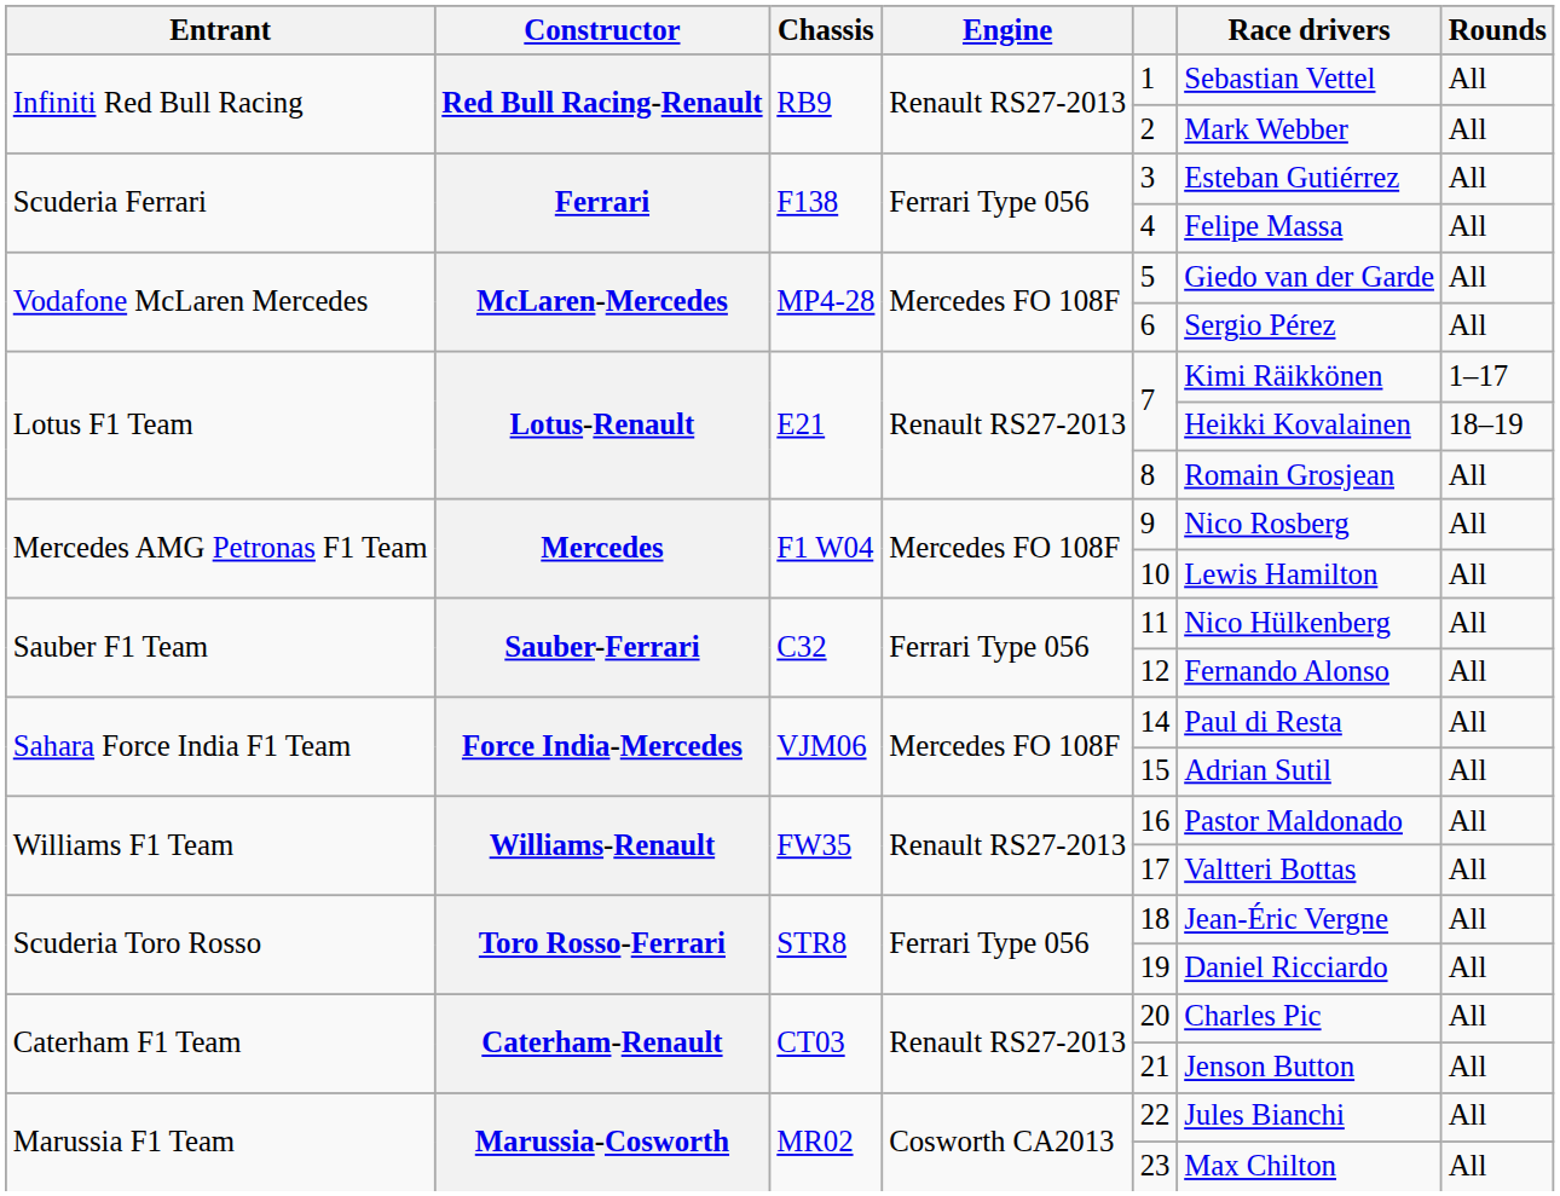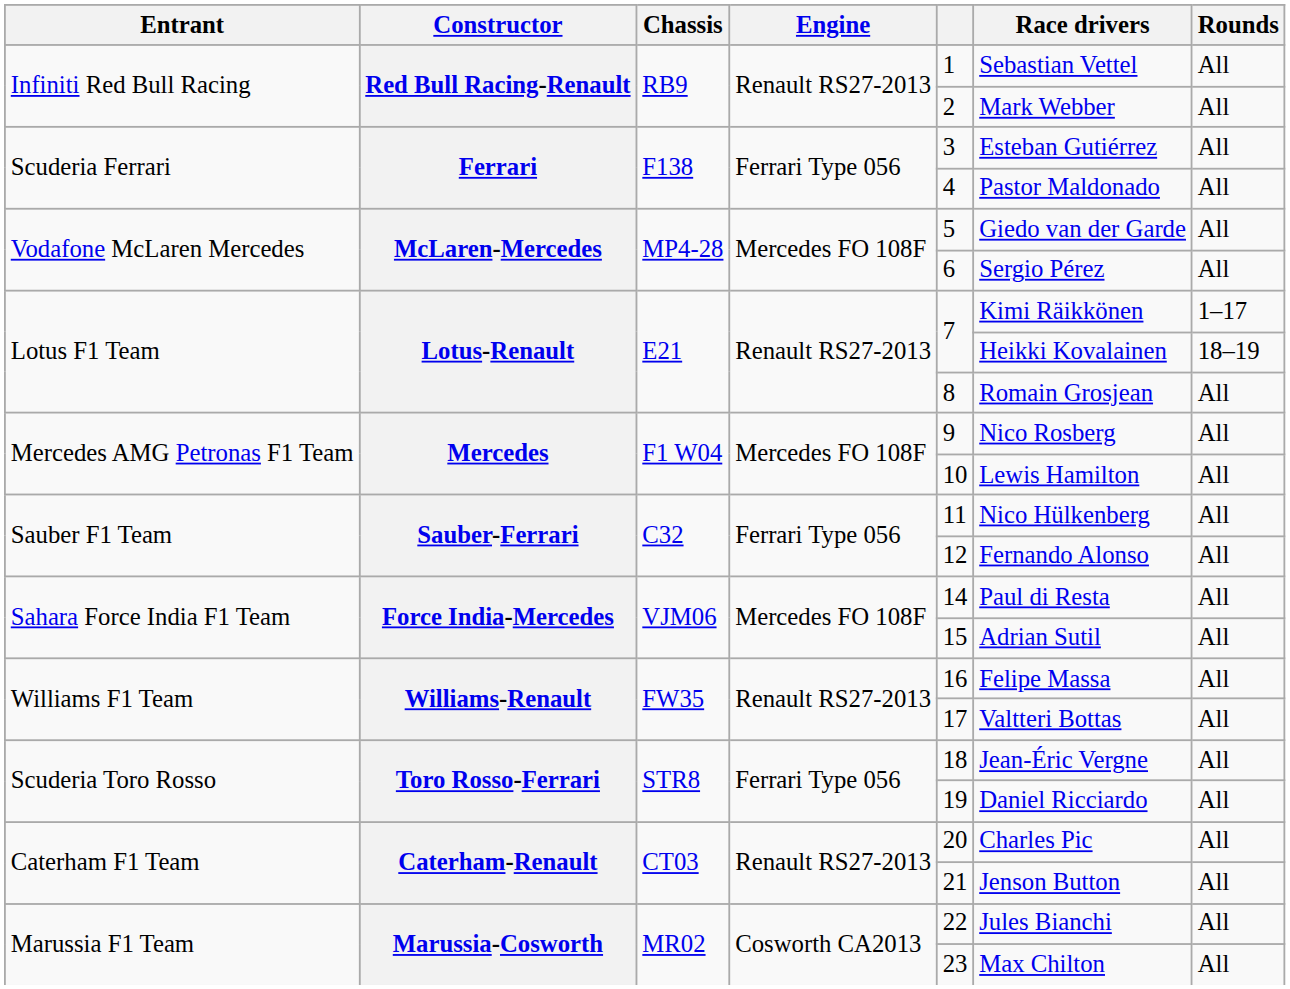 <table class="wikitable sortable" style="font-size:85%">
 <tr>
 <th>Entrant</th>
 <th><a href='#'>Constructor</a></th>
 <th>Chassis</th>
 <th><a href='#'>Engine</a></th>
 <th></th>
 <th>Race drivers</th>
 <th>Rounds</th>
 </tr>
 <tr>
 <td rowspan=2> <a href='#'>Infiniti</a> Red Bull Racing</td>
 <th rowspan=2><a href='#'>Red Bull Racing</a>-<a href='#'>Renault</a></th>
 <td rowspan=2><a href='#'>RB9</a></td>
 <td rowspan=2>Renault RS27-2013</td>
 <td>1</td>
 <td> <a href='#'>Sebastian Vettel</a></td>
 <td>All</td>
 </tr>
 <tr>
 <td>2</td>
 <td> <a href='#'>Mark Webber</a></td>
 <td>All</td>
 </tr>
 <tr>
 <td rowspan=2> Scuderia Ferrari</td>
 <th rowspan=2><a href='#'>Ferrari</a></th>
 <td rowspan=2><a href='#'>F138</a></td>
 <td rowspan=2>Ferrari Type 056</td>
 <td>3</td>
 <td> <a href='#'>Esteban Gutiérrez</a></td>
 <td>All</td>
 </tr>
 <tr>
 <td>4</td>
-<td> <a href='#'>Felipe Massa</a></td>
+<td> <a href='#'>Pastor Maldonado</a></td>
 <td>All</td>
 </tr>
 <tr>
 <td rowspan=2> <a href='#'>Vodafone</a> McLaren Mercedes</td>
 <th rowspan=2><a href='#'>McLaren</a>-<a href='#'>Mercedes</a></th>
 <td rowspan=2><a href='#'>MP4-28</a></td>
 <td rowspan=2>Mercedes FO 108F</td>
 <td>5</td>
 <td> <a href='#'>Giedo van der Garde</a></td>
 <td>All</td>
 </tr>
 <tr>
 <td>6</td>
 <td> <a href='#'>Sergio Pérez</a></td>
 <td>All</td>
 </tr>
 <tr>
 <td rowspan=3> Lotus F1 Team</td>
 <th rowspan=3><a href='#'>Lotus</a>-<a href='#'>Renault</a></th>
 <td rowspan=3><a href='#'>E21</a></td>
 <td rowspan=3>Renault RS27-2013</td>
 <td rowspan=2>7</td>
 <td> <a href='#'>Kimi Räikkönen</a></td>
 <td>1–17</td>
 </tr>
 <tr>
 <td> <a href='#'>Heikki Kovalainen</a></td>
 <td>18–19</td>
 </tr>
 <tr>
 <td>8</td>
 <td> <a href='#'>Romain Grosjean</a></td>
 <td>All</td>
 </tr>
 <tr>
 <td rowspan=2> Mercedes AMG <a href='#'>Petronas</a> F1 Team</td>
 <th rowspan=2><a href='#'>Mercedes</a></th>
 <td rowspan=2><a href='#'>F1 W04</a></td>
 <td rowspan=2>Mercedes FO 108F</td>
 <td>9</td>
 <td> <a href='#'>Nico Rosberg</a></td>
 <td>All</td>
 </tr>
 <tr>
 <td>10</td>
 <td> <a href='#'>Lewis Hamilton</a></td>
 <td>All</td>
 </tr>
 <tr>
 <td rowspan=2> Sauber F1 Team</td>
 <th rowspan=2><a href='#'>Sauber</a>-<a href='#'>Ferrari</a></th>
 <td rowspan=2><a href='#'>C32</a></td>
 <td rowspan=2>Ferrari Type 056</td>
 <td>11</td>
 <td> <a href='#'>Nico Hülkenberg</a></td>
 <td>All</td>
 </tr>
 <tr>
 <td>12</td>
 <td> <a href='#'>Fernando Alonso</a></td>
 <td>All</td>
 </tr>
 <tr>
 <td rowspan=2> <a href='#'>Sahara</a> Force India F1 Team</td>
 <th rowspan=2><a href='#'>Force India</a>-<a href='#'>Mercedes</a></th>
 <td rowspan=2><a href='#'>VJM06</a></td>
 <td rowspan=2>Mercedes FO 108F</td>
 <td>14</td>
 <td> <a href='#'>Paul di Resta</a></td>
 <td>All</td>
 </tr>
 <tr>
 <td>15</td>
 <td> <a href='#'>Adrian Sutil</a></td>
 <td>All</td>
 </tr>
 <tr>
 <td rowspan=2> Williams F1 Team</td>
 <th rowspan=2><a href='#'>Williams</a>-<a href='#'>Renault</a></th>
 <td rowspan=2><a href='#'>FW35</a></td>
 <td rowspan=2>Renault RS27-2013</td>
 <td>16</td>
-<td> <a href='#'>Pastor Maldonado</a></td>
+<td> <a href='#'>Felipe Massa</a></td>
 <td>All</td>
 </tr>
 <tr>
 <td>17</td>
 <td> <a href='#'>Valtteri Bottas</a></td>
 <td>All</td>
 </tr>
 <tr>
 <td rowspan=2> Scuderia Toro Rosso</td>
 <th rowspan=2><a href='#'>Toro Rosso</a>-<a href='#'>Ferrari</a></th>
 <td rowspan=2><a href='#'>STR8</a></td>
 <td rowspan=2>Ferrari Type 056</td>
 <td>18</td>
 <td> <a href='#'>Jean-Éric Vergne</a></td>
 <td>All</td>
 </tr>
 <tr>
 <td>19</td>
 <td> <a href='#'>Daniel Ricciardo</a></td>
 <td>All</td>
 </tr>
 <tr>
 <td rowspan=2> Caterham F1 Team</td>
 <th rowspan=2><a href='#'>Caterham</a>-<a href='#'>Renault</a></th>
 <td rowspan=2><a href='#'>CT03</a></td>
 <td rowspan=2>Renault RS27-2013</td>
 <td>20</td>
 <td> <a href='#'>Charles Pic</a></td>
 <td>All</td>
 </tr>
 <tr>
 <td>21</td>
 <td> <a href='#'>Jenson Button</a></td>
 <td>All</td>
 </tr>
 <tr>
 <td rowspan=2> Marussia F1 Team</td>
 <th rowspan=2><a href='#'>Marussia</a>-<a href='#'>Cosworth</a></th>
 <td rowspan=2><a href='#'>MR02</a></td>
 <td rowspan=2>Cosworth CA2013</td>
 <td>22</td>
 <td> <a href='#'>Jules Bianchi</a></td>
 <td>All</td>
 </tr>
 <tr>
 <td>23</td>
 <td> <a href='#'>Max Chilton</a></td>
 <td>All</td>
 </tr>
 </table>
